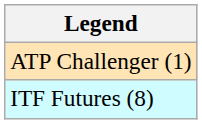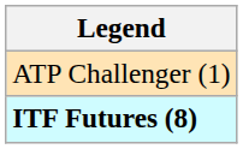 <table class=wikitable style=font-size:97%>
 <tr>
 <th>Legend</th>
 </tr>
 <tr bgcolor=moccasin>
 <td>ATP Challenger (1)</td>
 </tr>
 <tr bgcolor=cffcff>
-<td>ITF Futures (8)</td>
+<td><strong>ITF Futures (8)</strong></td>
 </tr>
 </table>
